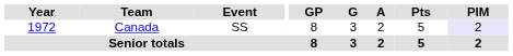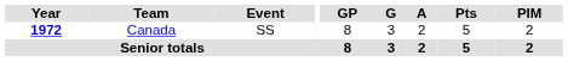 <table border="0" cellpadding="1" cellspacing="0" ID="Table3" style="text-align:center; width:40em">
 <tr bgcolor="#e0e0e0">
 <th>Year</th>
 <th>Team</th>
 <th>Event</th>
 <th rowspan="102" bgcolor="#ffffff"></th>
 <th>GP</th>
 <th>G</th>
 <th>A</th>
 <th>Pts</th>
 <th>PIM</th>
 </tr>
 <tr>
-<td><a href='#'>1972</a></td>
+<td><strong><a href='#'>1972</a></strong></td>
 <td><a href='#'>Canada</a></td>
 <td>SS</td>
 <td>8</td>
 <td>3</td>
 <td>2</td>
 <td>5</td>
-<td style="background: lavender;">2</td>
+<td>2</td>
 </tr>
 <tr bgcolor="#e0e0e0">
 <th colspan="4">Senior totals</th>
 <th>8</th>
 <th>3</th>
 <th>2</th>
 <th>5</th>
 <th>2</th>
 </tr>
 </table>
